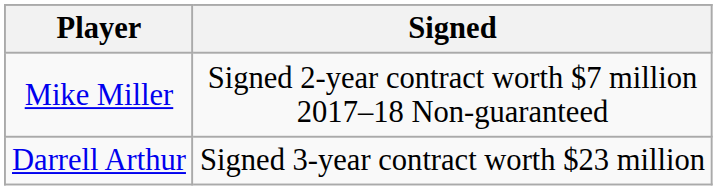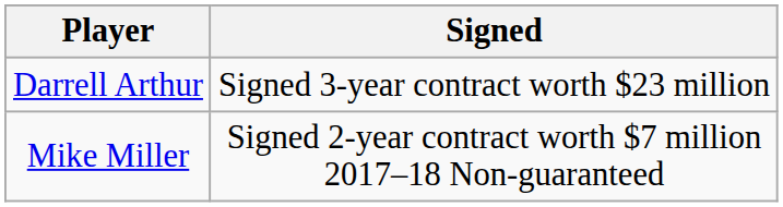 <table class="wikitable sortable sortable">
 <tr>
 <th>Player</th>
 <th>Signed</th>
 </tr>
 <tr style="text-align: center">
+<td><a href='#'>Darrell Arthur</a></td>
+<td>Signed 3-year contract worth $23 million</td>
+</tr>
+<tr style="text-align: center">
 <td><a href='#'>Mike Miller</a></td>
 <td>Signed 2-year contract worth $7 million<br>2017–18 Non-guaranteed</td>
 </tr>
-<tr style="text-align: center">
-<td><a href='#'>Darrell Arthur</a></td>
-<td>Signed 3-year contract worth $23 million</td>
-</tr>
 </table>
